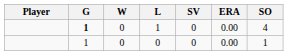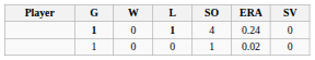 <table class="wikitable sortable">
 <tr>
 <th bgcolor="#DDDDFF" width="16%">Player</th>
 <th bgcolor="#DDDDFF" width="9%">G</th>
 <th bgcolor="#DDDDFF" width="9%">W</th>
 <th bgcolor="#DDDDFF" width="9%">L</th>
+<th bgcolor="#DDDDFF" width="9%">SO</th>
+<th bgcolor="#DDDDFF" width="9%">ERA</th>
 <th bgcolor="#DDDDFF" width="9%">SV</th>
-<th bgcolor="#DDDDFF" width="9%">ERA</th>
-<th bgcolor="#DDDDFF" width="9%">SO</th>
 </tr>
 <tr align="center">
 <td></td>
 <td><strong>1</strong></td>
 <td>0</td>
-<td>1</td>
+<td><strong>1</strong></td>
+<td>4</td>
+<td>0.24</td>
 <td>0</td>
-<td>0.00</td>
-<td>4</td>
 </tr>
 <tr align="center">
 <td></td>
 <td>1</td>
 <td>0</td>
 <td>0</td>
+<td>1</td>
+<td>0.02</td>
 <td>0</td>
-<td>0.00</td>
-<td>1</td>
 </tr>
 </table>
